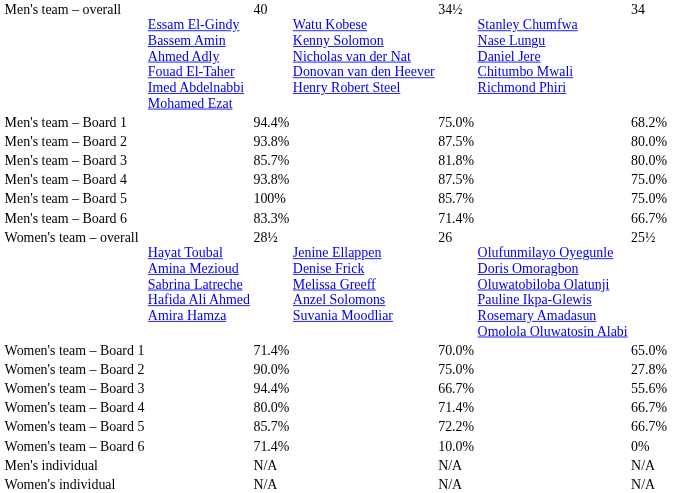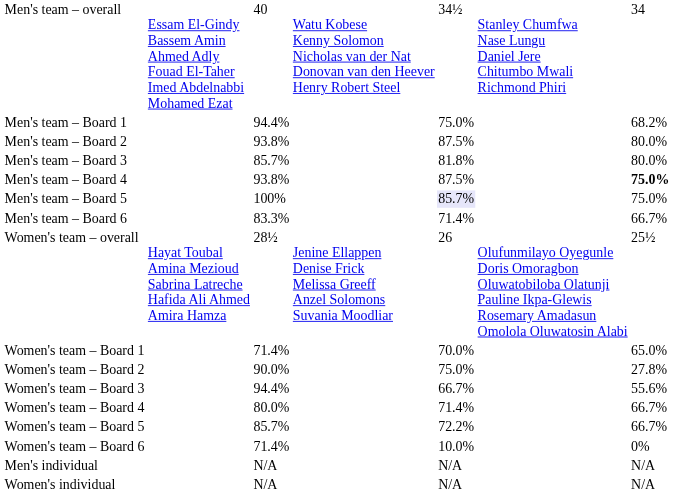 <table>
 <tr valign="top">
 <td>Men's team – overall</td>
 <td><br><a href='#'>Essam El-Gindy</a><br><a href='#'>Bassem Amin</a><br><a href='#'>Ahmed Adly</a><br><a href='#'>Fouad El-Taher</a><br><a href='#'>Imed Abdelnabbi</a><br><a href='#'>Mohamed Ezat</a></td>
 <td>40</td>
 <td><br><a href='#'>Watu Kobese</a><br><a href='#'>Kenny Solomon</a><br><a href='#'>Nicholas van der Nat</a><br><a href='#'>Donovan van den Heever</a><br><a href='#'>Henry Robert Steel</a></td>
 <td>34½</td>
 <td><br><a href='#'>Stanley Chumfwa</a><br><a href='#'>Nase Lungu</a><br><a href='#'>Daniel Jere</a><br><a href='#'>Chitumbo Mwali</a><br><a href='#'>Richmond Phiri</a></td>
 <td>34</td>
 </tr>
 <tr valign="top">
 <td>Men's team – Board 1</td>
 <td></td>
 <td>94.4%</td>
 <td></td>
 <td>75.0%</td>
 <td></td>
 <td>68.2%</td>
 </tr>
 <tr valign="top">
 <td>Men's team – Board 2</td>
 <td></td>
 <td>93.8%</td>
 <td></td>
 <td>87.5%</td>
 <td></td>
 <td>80.0%</td>
 </tr>
 <tr valign="top">
 <td>Men's team – Board 3</td>
 <td></td>
 <td>85.7%</td>
 <td></td>
 <td>81.8%</td>
 <td></td>
 <td>80.0%</td>
 </tr>
 <tr valign="top">
 <td>Men's team – Board 4</td>
 <td></td>
 <td>93.8%</td>
 <td></td>
 <td>87.5%</td>
 <td></td>
-<td>75.0%</td>
+<td><strong>75.0%</strong></td>
 </tr>
 <tr valign="top">
 <td>Men's team – Board 5</td>
 <td></td>
 <td>100%</td>
 <td></td>
-<td>85.7%</td>
+<td style="background: lavender;">85.7%</td>
 <td></td>
 <td>75.0%</td>
 </tr>
 <tr valign="top">
 <td>Men's team – Board 6</td>
 <td></td>
 <td>83.3%</td>
 <td></td>
 <td>71.4%</td>
 <td></td>
 <td>66.7%</td>
 </tr>
 <tr valign="top">
 <td>Women's team – overall</td>
 <td><br><a href='#'>Hayat Toubal</a><br><a href='#'>Amina Mezioud</a><br><a href='#'>Sabrina Latreche</a><br><a href='#'>Hafida Ali Ahmed</a><br><a href='#'>Amira Hamza</a></td>
 <td>28½</td>
 <td><br><a href='#'>Jenine Ellappen</a><br><a href='#'>Denise Frick</a><br><a href='#'>Melissa Greeff</a><br><a href='#'>Anzel Solomons</a><br><a href='#'>Suvania Moodliar</a></td>
 <td>26</td>
 <td><br><a href='#'>Olufunmilayo Oyegunle</a><br><a href='#'>Doris Omoragbon</a><br><a href='#'>Oluwatobiloba Olatunji</a><br><a href='#'>Pauline Ikpa-Glewis</a><br><a href='#'>Rosemary Amadasun</a><br><a href='#'>Omolola Oluwatosin Alabi</a></td>
 <td>25½</td>
 </tr>
 <tr valign="top">
 <td>Women's team – Board 1</td>
 <td></td>
 <td>71.4%</td>
 <td></td>
 <td>70.0%</td>
 <td></td>
 <td>65.0%</td>
 </tr>
 <tr valign="top">
 <td>Women's team – Board 2</td>
 <td></td>
 <td>90.0%</td>
 <td></td>
 <td>75.0%</td>
 <td></td>
 <td>27.8%</td>
 </tr>
 <tr valign="top">
 <td>Women's team – Board 3</td>
 <td></td>
 <td>94.4%</td>
 <td></td>
 <td>66.7%</td>
 <td></td>
 <td>55.6%</td>
 </tr>
 <tr valign="top">
 <td>Women's team – Board 4</td>
 <td></td>
 <td>80.0%</td>
 <td></td>
 <td>71.4%</td>
 <td></td>
 <td>66.7%</td>
 </tr>
 <tr valign="top">
 <td>Women's team – Board 5</td>
 <td></td>
 <td>85.7%</td>
 <td></td>
 <td>72.2%</td>
 <td></td>
 <td>66.7%</td>
 </tr>
 <tr valign="top">
 <td>Women's team – Board 6</td>
 <td></td>
 <td>71.4%</td>
 <td></td>
 <td>10.0%</td>
 <td></td>
 <td>0%</td>
 </tr>
 <tr valign="top">
 <td>Men's individual</td>
 <td></td>
 <td>N/A</td>
 <td></td>
 <td>N/A</td>
 <td></td>
 <td>N/A</td>
 </tr>
 <tr valign="top">
 <td>Women's individual</td>
 <td></td>
 <td>N/A</td>
 <td></td>
 <td>N/A</td>
 <td></td>
 <td>N/A</td>
 </tr>
 </table>
